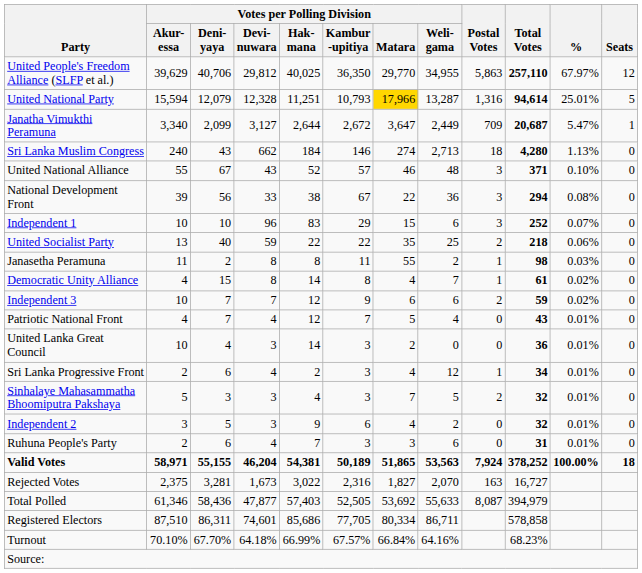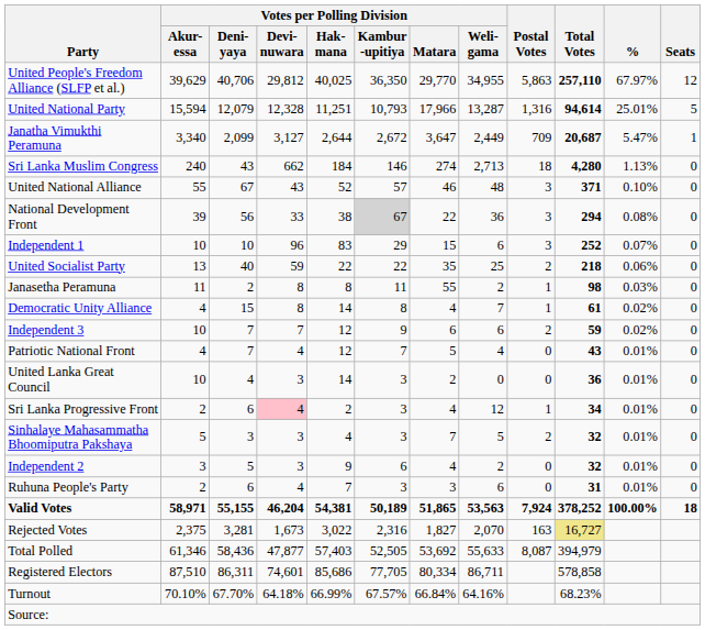 <table class="wikitable" border="1" style="text-align:right;">
 <tr>
 <th align=left valign=bottom rowspan=2 width="180">Party</th>
 <th colspan=7>Votes per Polling Division</th>
 <th align=center valign=bottom rowspan=2 width="50">Postal<br>Votes</th>
 <th align=center valign=bottom rowspan=2 width="50">Total Votes</th>
 <th align=center valign=bottom rowspan=2 width="50">%</th>
 <th align=center valign=bottom rowspan=2 width="40">Seats</th>
 </tr>
 <tr>
 <th align=center valign=bottom width="50">Akur-<br>essa</th>
 <th align=center valign=bottom width="50">Deni-<br>yaya</th>
 <th align=center valign=bottom width="50">Devi-<br>nuwara</th>
 <th align=center valign=bottom width="50">Hak-<br>mana</th>
 <th align=center valign=bottom width="50">Kambur<br>-upitiya</th>
 <th align=center valign=bottom width="50">Matara</th>
 <th align=center valign=bottom width="50">Weli-<br>gama</th>
 </tr>
 <tr>
 <td align=left><a href='#'>United People's Freedom Alliance</a> (<a href='#'>SLFP</a> et al.)</td>
 <td>39,629</td>
 <td>40,706</td>
 <td>29,812</td>
 <td>40,025</td>
 <td>36,350</td>
 <td>29,770</td>
 <td>34,955</td>
 <td>5,863</td>
 <td><strong>257,110</strong></td>
 <td>67.97%</td>
 <td>12</td>
 </tr>
 <tr>
 <td align=left><a href='#'>United National Party</a></td>
 <td>15,594</td>
 <td>12,079</td>
 <td>12,328</td>
 <td>11,251</td>
 <td>10,793</td>
-<td style="background: gold;">17,966</td>
+<td>17,966</td>
 <td>13,287</td>
 <td>1,316</td>
 <td><strong>94,614</strong></td>
 <td>25.01%</td>
 <td>5</td>
 </tr>
 <tr>
 <td align=left><a href='#'>Janatha Vimukthi Peramuna</a></td>
 <td>3,340</td>
 <td>2,099</td>
 <td>3,127</td>
 <td>2,644</td>
 <td>2,672</td>
 <td>3,647</td>
 <td>2,449</td>
 <td>709</td>
 <td><strong>20,687</strong></td>
 <td>5.47%</td>
 <td>1</td>
 </tr>
 <tr>
 <td align=left><a href='#'>Sri Lanka Muslim Congress</a></td>
 <td>240</td>
 <td>43</td>
 <td>662</td>
 <td>184</td>
 <td>146</td>
 <td>274</td>
 <td>2,713</td>
 <td>18</td>
 <td><strong>4,280</strong></td>
 <td>1.13%</td>
 <td>0</td>
 </tr>
 <tr>
 <td align=left>United National Alliance</td>
 <td>55</td>
 <td>67</td>
 <td>43</td>
 <td>52</td>
 <td>57</td>
 <td>46</td>
 <td>48</td>
 <td>3</td>
 <td><strong>371</strong></td>
 <td>0.10%</td>
 <td>0</td>
 </tr>
 <tr>
 <td align=left>National Development Front</td>
 <td>39</td>
 <td>56</td>
 <td>33</td>
 <td>38</td>
-<td>67</td>
+<td style="background: lightgrey;">67</td>
 <td>22</td>
 <td>36</td>
 <td>3</td>
 <td><strong>294</strong></td>
 <td>0.08%</td>
 <td>0</td>
 </tr>
 <tr>
 <td align=left><a href='#'>Independent 1</a></td>
 <td>10</td>
 <td>10</td>
 <td>96</td>
 <td>83</td>
 <td>29</td>
 <td>15</td>
 <td>6</td>
 <td>3</td>
 <td><strong>252</strong></td>
 <td>0.07%</td>
 <td>0</td>
 </tr>
 <tr>
 <td align=left><a href='#'>United Socialist Party</a></td>
 <td>13</td>
 <td>40</td>
 <td>59</td>
 <td>22</td>
 <td>22</td>
 <td>35</td>
 <td>25</td>
 <td>2</td>
 <td><strong>218</strong></td>
 <td>0.06%</td>
 <td>0</td>
 </tr>
 <tr>
 <td align=left>Janasetha Peramuna</td>
 <td>11</td>
 <td>2</td>
 <td>8</td>
 <td>8</td>
 <td>11</td>
 <td>55</td>
 <td>2</td>
 <td>1</td>
 <td><strong>98</strong></td>
 <td>0.03%</td>
 <td>0</td>
 </tr>
 <tr>
 <td align=left><a href='#'>Democratic Unity Alliance</a></td>
 <td>4</td>
 <td>15</td>
 <td>8</td>
 <td>14</td>
 <td>8</td>
 <td>4</td>
 <td>7</td>
 <td>1</td>
 <td><strong>61</strong></td>
 <td>0.02%</td>
 <td>0</td>
 </tr>
 <tr>
 <td align=left><a href='#'>Independent 3</a></td>
 <td>10</td>
 <td>7</td>
 <td>7</td>
 <td>12</td>
 <td>9</td>
 <td>6</td>
 <td>6</td>
 <td>2</td>
 <td><strong>59</strong></td>
 <td>0.02%</td>
 <td>0</td>
 </tr>
 <tr>
 <td align=left>Patriotic National Front</td>
 <td>4</td>
 <td>7</td>
 <td>4</td>
 <td>12</td>
 <td>7</td>
 <td>5</td>
 <td>4</td>
 <td>0</td>
 <td><strong>43</strong></td>
 <td>0.01%</td>
 <td>0</td>
 </tr>
 <tr>
 <td align=left>United Lanka Great Council</td>
 <td>10</td>
 <td>4</td>
 <td>3</td>
 <td>14</td>
 <td>3</td>
 <td>2</td>
 <td>0</td>
 <td>0</td>
 <td><strong>36</strong></td>
 <td>0.01%</td>
 <td>0</td>
 </tr>
 <tr>
 <td align=left>Sri Lanka Progressive Front</td>
 <td>2</td>
 <td>6</td>
-<td>4</td>
+<td style="background: pink;">4</td>
 <td>2</td>
 <td>3</td>
 <td>4</td>
 <td>12</td>
 <td>1</td>
 <td><strong>34</strong></td>
 <td>0.01%</td>
 <td>0</td>
 </tr>
 <tr>
 <td align=left><a href='#'>Sinhalaye Mahasammatha Bhoomiputra Pakshaya</a></td>
 <td>5</td>
 <td>3</td>
 <td>3</td>
 <td>4</td>
 <td>3</td>
 <td>7</td>
 <td>5</td>
 <td>2</td>
 <td><strong>32</strong></td>
 <td>0.01%</td>
 <td>0</td>
 </tr>
 <tr>
 <td align=left><a href='#'>Independent 2</a></td>
 <td>3</td>
 <td>5</td>
 <td>3</td>
 <td>9</td>
 <td>6</td>
 <td>4</td>
 <td>2</td>
 <td>0</td>
 <td><strong>32</strong></td>
 <td>0.01%</td>
 <td>0</td>
 </tr>
 <tr>
 <td align=left>Ruhuna People's Party</td>
 <td>2</td>
 <td>6</td>
 <td>4</td>
 <td>7</td>
 <td>3</td>
 <td>3</td>
 <td>6</td>
 <td>0</td>
 <td><strong>31</strong></td>
 <td>0.01%</td>
 <td>0</td>
 </tr>
 <tr>
 <td align=left><strong>Valid Votes</strong></td>
 <td><strong>58,971</strong></td>
 <td><strong>55,155</strong></td>
 <td><strong>46,204</strong></td>
 <td><strong>54,381</strong></td>
 <td><strong>50,189</strong></td>
 <td><strong>51,865</strong></td>
 <td><strong>53,563</strong></td>
 <td><strong>7,924</strong></td>
 <td><strong>378,252</strong></td>
 <td><strong>100.00%</strong></td>
 <td><strong>18</strong></td>
 </tr>
 <tr>
 <td align=left>Rejected Votes</td>
 <td>2,375</td>
 <td>3,281</td>
 <td>1,673</td>
 <td>3,022</td>
 <td>2,316</td>
 <td>1,827</td>
 <td>2,070</td>
 <td>163</td>
-<td>16,727</td>
+<td style="background: khaki;">16,727</td>
 <td></td>
 <td></td>
 </tr>
 <tr>
 <td align=left>Total Polled</td>
 <td>61,346</td>
 <td>58,436</td>
 <td>47,877</td>
 <td>57,403</td>
 <td>52,505</td>
 <td>53,692</td>
 <td>55,633</td>
 <td>8,087</td>
 <td>394,979</td>
 <td></td>
 <td></td>
 </tr>
 <tr>
 <td align=left>Registered Electors</td>
 <td>87,510</td>
 <td>86,311</td>
 <td>74,601</td>
 <td>85,686</td>
 <td>77,705</td>
 <td>80,334</td>
 <td>86,711</td>
 <td></td>
 <td>578,858</td>
 <td></td>
 <td></td>
 </tr>
 <tr>
 <td align=left>Turnout</td>
 <td>70.10%</td>
 <td>67.70%</td>
 <td>64.18%</td>
 <td>66.99%</td>
 <td>67.57%</td>
 <td>66.84%</td>
 <td>64.16%</td>
 <td></td>
 <td>68.23%</td>
 <td></td>
 <td></td>
 </tr>
 <tr>
 <td align=left colspan=13>Source:</td>
 </tr>
 </table>
